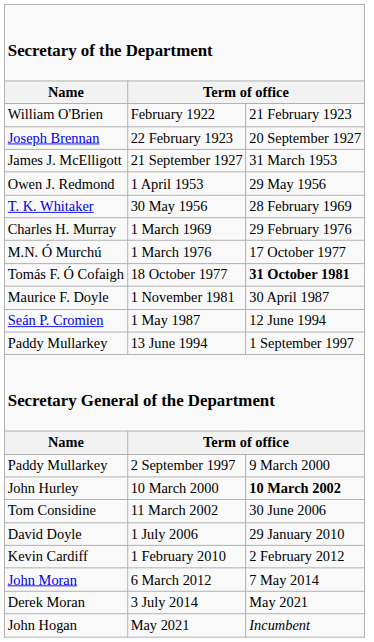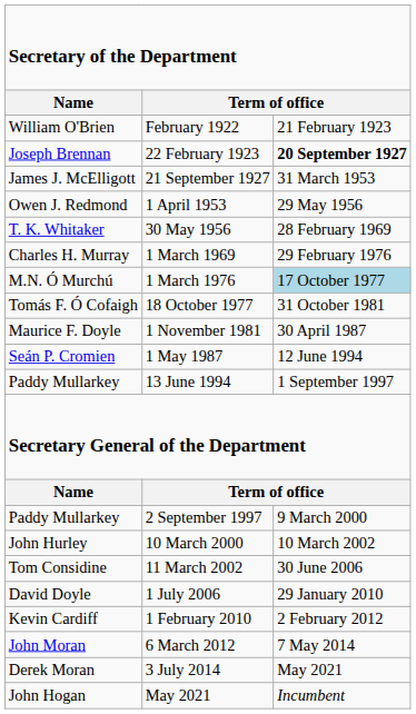 <table class ="wikitable">
 <tr>
 <td colspan="4"><br><h3>Secretary of the Department</h3></td>
 </tr>
 <tr>
 <th>Name</th>
 <th colspan="2">Term of office</th>
 </tr>
 <tr>
 <td>William O'Brien</td>
 <td>February 1922</td>
 <td>21 February 1923</td>
 </tr>
 <tr>
 <td><a href='#'>Joseph Brennan</a></td>
 <td>22 February 1923</td>
-<td>20 September 1927</td>
+<td><strong>20 September 1927</strong></td>
 </tr>
 <tr>
 <td>James J. McElligott</td>
 <td>21 September 1927</td>
 <td>31 March 1953</td>
 </tr>
 <tr>
 <td>Owen J. Redmond</td>
 <td>1 April 1953</td>
 <td>29 May 1956</td>
 </tr>
 <tr>
 <td><a href='#'>T. K. Whitaker</a></td>
 <td>30 May 1956</td>
 <td>28 February 1969</td>
 </tr>
 <tr>
 <td>Charles H. Murray</td>
 <td>1 March 1969</td>
 <td>29 February 1976</td>
 </tr>
 <tr>
 <td>M.N. Ó Murchú</td>
 <td>1 March 1976</td>
-<td>17 October 1977</td>
+<td style="background: lightblue;">17 October 1977</td>
 </tr>
 <tr>
 <td>Tomás F. Ó Cofaigh</td>
 <td>18 October 1977</td>
-<td><strong>31 October 1981</strong></td>
+<td>31 October 1981</td>
 </tr>
 <tr>
 <td>Maurice F. Doyle</td>
 <td>1 November 1981</td>
 <td>30 April 1987</td>
 </tr>
 <tr>
 <td><a href='#'>Seán P. Cromien</a></td>
 <td>1 May 1987</td>
 <td>12 June 1994</td>
 </tr>
 <tr>
 <td>Paddy Mullarkey</td>
 <td>13 June 1994</td>
 <td>1 September 1997</td>
 </tr>
 <tr>
 <td colspan="4"><br><h3>Secretary General of the Department</h3></td>
 </tr>
 <tr>
 <th>Name</th>
 <th colspan="2">Term of office</th>
 </tr>
 <tr>
 <td>Paddy Mullarkey</td>
 <td>2 September 1997</td>
 <td>9 March 2000</td>
 </tr>
 <tr>
 <td>John Hurley</td>
 <td>10 March 2000</td>
-<td><strong>10 March 2002</strong></td>
+<td>10 March 2002</td>
 </tr>
 <tr>
 <td>Tom Considine</td>
 <td>11 March 2002</td>
 <td>30 June 2006</td>
 </tr>
 <tr>
 <td>David Doyle</td>
 <td>1 July 2006</td>
 <td>29 January 2010</td>
 </tr>
 <tr>
 <td>Kevin Cardiff</td>
 <td>1 February 2010</td>
 <td>2 February 2012</td>
 </tr>
 <tr>
 <td><a href='#'>John Moran</a></td>
 <td>6 March 2012</td>
 <td>7 May 2014</td>
 </tr>
 <tr>
 <td>Derek Moran</td>
 <td>3 July 2014</td>
 <td>May 2021</td>
 </tr>
 <tr>
 <td>John Hogan</td>
 <td>May 2021</td>
 <td><em>Incumbent</em></td>
 </tr>
 </table>
